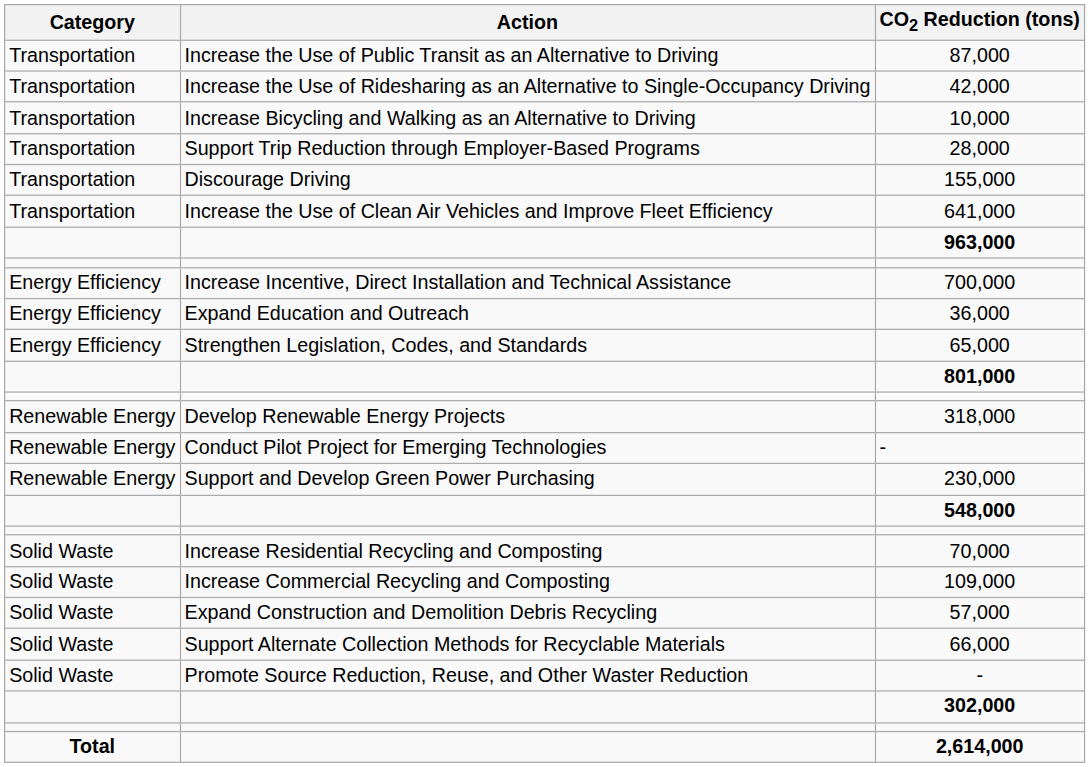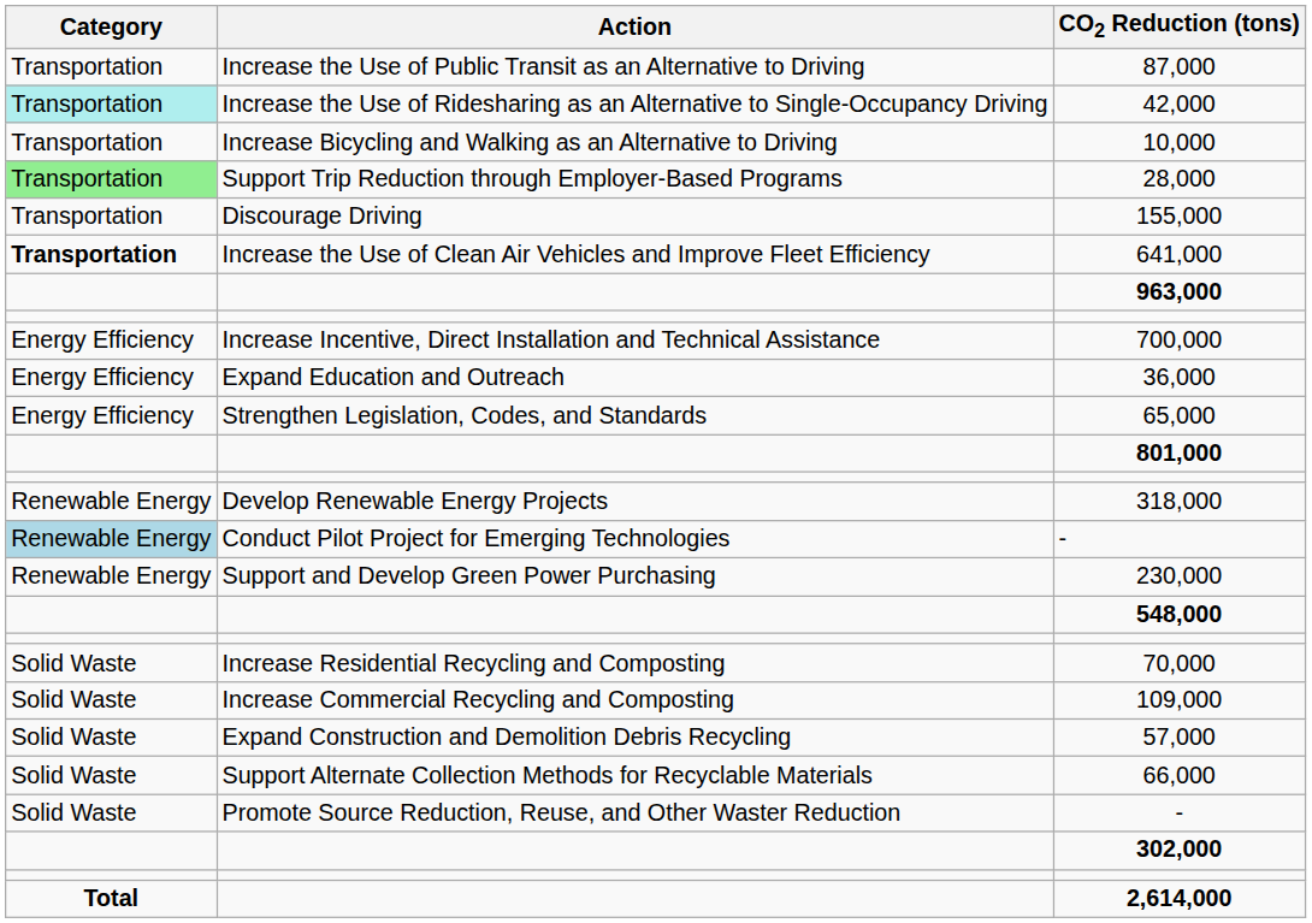 <table class="wikitable">
 <tr>
 <th>Category</th>
 <th>Action</th>
 <th>CO<sub>2</sub> Reduction (tons)</th>
 </tr>
 <tr>
 <td>Transportation</td>
 <td>Increase the Use of Public Transit as an Alternative to Driving</td>
 <td align="center">87,000</td>
 </tr>
 <tr>
-<td>Transportation</td>
+<td style="background: paleturquoise;">Transportation</td>
 <td>Increase the Use of Ridesharing as an Alternative to Single-Occupancy Driving</td>
 <td align="center">42,000</td>
 </tr>
 <tr>
 <td>Transportation</td>
 <td>Increase Bicycling and Walking as an Alternative to Driving</td>
 <td align="center">10,000</td>
 </tr>
 <tr>
-<td>Transportation</td>
+<td style="background: lightgreen;">Transportation</td>
 <td>Support Trip Reduction through Employer-Based Programs</td>
 <td align="center">28,000</td>
 </tr>
 <tr>
 <td>Transportation</td>
 <td>Discourage Driving</td>
 <td align="center">155,000</td>
 </tr>
 <tr>
-<td>Transportation</td>
+<td><strong>Transportation</strong></td>
 <td>Increase the Use of Clean Air Vehicles and Improve Fleet Efficiency</td>
 <td align="center">641,000</td>
 </tr>
 <tr>
 <td></td>
 <td></td>
 <td align="center"><strong>963,000</strong></td>
 </tr>
 <tr>
 <td></td>
 <td></td>
 </tr>
 <tr>
 <td>Energy Efficiency</td>
 <td>Increase Incentive, Direct Installation and Technical Assistance</td>
 <td align="center">700,000</td>
 </tr>
 <tr>
 <td>Energy Efficiency</td>
 <td>Expand Education and Outreach</td>
 <td align="center">36,000</td>
 </tr>
 <tr>
 <td>Energy Efficiency</td>
 <td>Strengthen Legislation, Codes, and Standards</td>
 <td align="center">65,000</td>
 </tr>
 <tr>
 <td></td>
 <td></td>
 <td align="center"><strong>801,000</strong></td>
 </tr>
 <tr>
 <td></td>
 <td></td>
 <td></td>
 </tr>
 <tr>
 <td>Renewable Energy</td>
 <td>Develop Renewable Energy Projects</td>
 <td align="center">318,000</td>
 </tr>
 <tr>
-<td>Renewable Energy</td>
+<td style="background: lightblue;">Renewable Energy</td>
 <td>Conduct Pilot Project for Emerging Technologies</td>
 <td>-</td>
 </tr>
 <tr>
 <td>Renewable Energy</td>
 <td>Support and Develop Green Power Purchasing</td>
 <td align="center">230,000</td>
 </tr>
 <tr>
 <td></td>
 <td></td>
 <td align="center"><strong>548,000</strong></td>
 </tr>
 <tr>
 <td></td>
 <td></td>
 <td></td>
 </tr>
 <tr>
 <td>Solid Waste</td>
 <td>Increase Residential Recycling and Composting</td>
 <td align="center">70,000</td>
 </tr>
 <tr>
 <td>Solid Waste</td>
 <td>Increase Commercial Recycling and Composting</td>
 <td align="center">109,000</td>
 </tr>
 <tr>
 <td>Solid Waste</td>
 <td>Expand Construction and Demolition Debris Recycling</td>
 <td align="center">57,000</td>
 </tr>
 <tr>
 <td>Solid Waste</td>
 <td>Support Alternate Collection Methods for Recyclable Materials</td>
 <td align="center">66,000</td>
 </tr>
 <tr>
 <td>Solid Waste</td>
 <td>Promote Source Reduction, Reuse, and Other Waster Reduction</td>
 <td align="center">-</td>
 </tr>
 <tr>
 <td></td>
 <td></td>
 <td align="center"><strong>302,000</strong></td>
 </tr>
 <tr>
 <td></td>
 <td></td>
 <td></td>
 </tr>
 <tr>
 <td align="center"><strong>Total</strong></td>
 <td></td>
 <td align="center"><strong>2,614,000</strong></td>
 </tr>
 </table>
